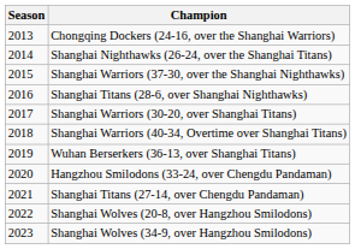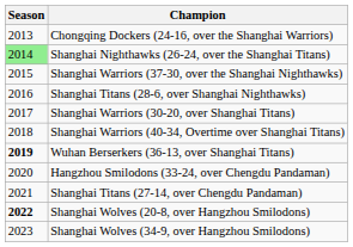 <table class="wikitable">
 <tr>
 <th>Season</th>
 <th>Champion</th>
 </tr>
 <tr>
 <td>2013</td>
 <td>Chongqing Dockers (24-16, over the Shanghai Warriors)</td>
 </tr>
 <tr>
-<td>2014</td>
+<td style="background: lightgreen;">2014</td>
 <td>Shanghai Nighthawks (26-24, over the Shanghai Titans)</td>
 </tr>
 <tr>
 <td>2015</td>
 <td>Shanghai Warriors (37-30, over the Shanghai Nighthawks)</td>
 </tr>
 <tr>
 <td>2016</td>
 <td>Shanghai Titans (28-6, over Shanghai Nighthawks)</td>
 </tr>
 <tr>
 <td>2017</td>
 <td>Shanghai Warriors (30-20, over Shanghai Titans)</td>
 </tr>
 <tr>
 <td>2018</td>
 <td>Shanghai Warriors (40-34, Overtime over Shanghai Titans)</td>
 </tr>
 <tr>
-<td>2019</td>
+<td><strong>2019</strong></td>
 <td>Wuhan Berserkers (36-13, over Shanghai Titans)</td>
 </tr>
 <tr>
 <td>2020</td>
 <td>Hangzhou Smilodons (33-24, over Chengdu Pandaman)</td>
 </tr>
 <tr>
 <td>2021</td>
 <td>Shanghai Titans (27-14, over Chengdu Pandaman)</td>
 </tr>
 <tr>
-<td>2022</td>
+<td><strong>2022</strong></td>
 <td>Shanghai Wolves (20-8, over Hangzhou Smilodons)</td>
 </tr>
 <tr>
 <td>2023</td>
 <td>Shanghai Wolves (34-9, over Hangzhou Smilodons)</td>
 </tr>
 </table>
